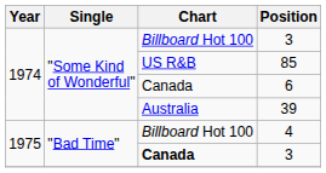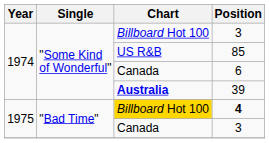 <table class="wikitable">
 <tr>
 <th>Year</th>
 <th>Single</th>
 <th>Chart</th>
 <th>Position</th>
 </tr>
 <tr>
 <td rowspan="4">1974</td>
 <td rowspan="4">"<a href='#'>Some Kind<br>of Wonderful</a>"</td>
 <td><a href='#'><em>Billboard</em> Hot 100</a></td>
 <td align="center">3</td>
 </tr>
 <tr>
 <td><a href='#'>US R&B</a></td>
 <td align="center">85</td>
 </tr>
 <tr>
 <td>Canada</td>
 <td align="center">6</td>
 </tr>
 <tr>
-<td><a href='#'>Australia</a></td>
+<td><strong><a href='#'>Australia</a></strong></td>
 <td align="center">39</td>
 </tr>
 <tr>
 <td rowspan="2">1975</td>
 <td rowspan="2">"<a href='#'>Bad Time</a>"</td>
-<td><em>Billboard</em> Hot 100</td>
-<td align="center">4</td>
+<td style="background: gold;"><em>Billboard</em> Hot 100</td>
+<td align="center"><strong>4</strong></td>
 </tr>
 <tr>
-<td><strong>Canada</strong></td>
+<td>Canada</td>
 <td align="center">3</td>
 </tr>
 <tr>
 </tr>
 </table>
